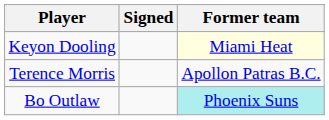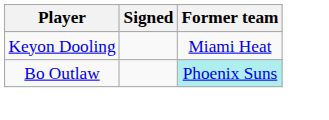 <table class="wikitable sortable sortable" style="text-align: center">
 <tr>
 <th>Player</th>
 <th>Signed</th>
 <th>Former team</th>
 </tr>
 <tr style="text-align: center">
 <td><a href='#'>Keyon Dooling</a></td>
 <td></td>
-<td style="background: lightyellow;"><a href='#'>Miami Heat</a></td>
-</tr>
-<tr style="text-align: center">
-<td><a href='#'>Terence Morris</a></td>
-<td></td>
-<td><a href='#'>Apollon Patras B.C.</a></td>
+<td><a href='#'>Miami Heat</a></td>
 </tr>
 <tr style="text-align: center">
 <td><a href='#'>Bo Outlaw</a></td>
 <td></td>
 <td style="background: paleturquoise;"><a href='#'>Phoenix Suns</a></td>
 </tr>
 </table>
